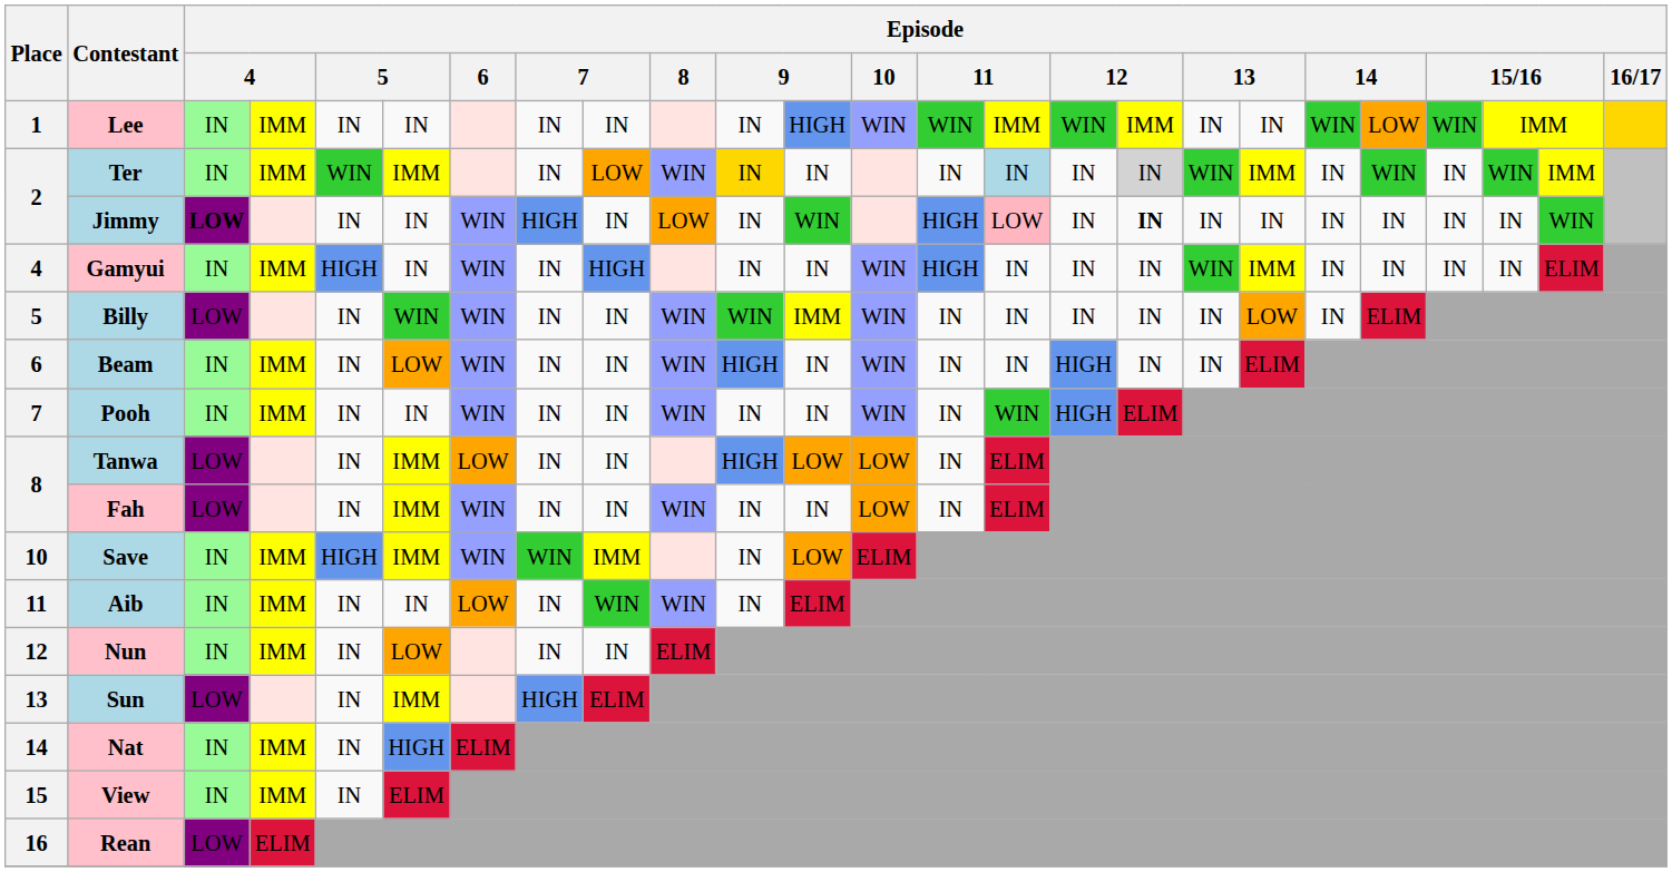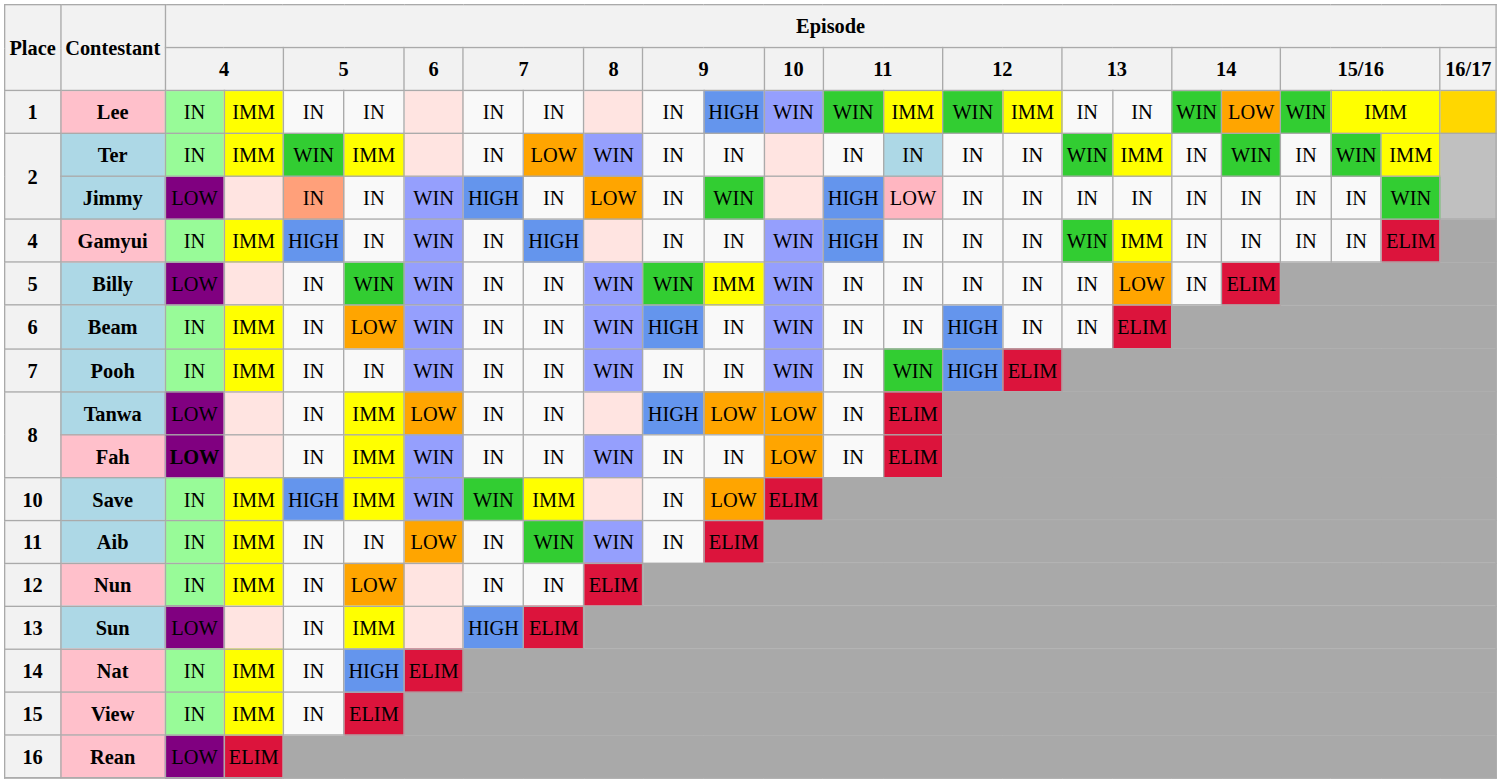 <table class="wikitable" style="text-align: center; font-size:95%; line-height:25px;">
 <tr>
 <th rowspan="2">Place</th>
 <th rowspan=2>Contestant</th>
 <th colspan="23">Episode</th>
 </tr>
 <tr>
 <th colspan=2>4</th>
 <th colspan=2>5</th>
 <th>6</th>
 <th colspan=2>7</th>
 <th>8</th>
 <th colspan=2>9</th>
 <th>10</th>
 <th colspan=2>11</th>
 <th colspan=2>12</th>
 <th colspan=2>13</th>
 <th colspan=2>14</th>
 <th colspan=3>15/16</th>
 <th>16/17</th>
 </tr>
 <tr>
 <th>1</th>
 <th style="background:pink;">Lee</th>
 <td style="background:palegreen;">IN</td>
 <td style="background:yellow;">IMM</td>
 <td>IN</td>
 <td>IN</td>
 <td style="background:mistyrose;"></td>
 <td>IN</td>
 <td>IN</td>
 <td style="background:mistyrose;"></td>
 <td>IN</td>
 <td style="background:cornflowerblue;">HIGH</td>
 <td style="background:#959FFD;">WIN</td>
 <td style="background:limegreen;">WIN</td>
 <td style="background:yellow;">IMM</td>
 <td style="background:limegreen;">WIN</td>
 <td style="background:yellow;">IMM</td>
 <td>IN</td>
 <td>IN</td>
 <td style="background:limegreen;">WIN</td>
 <td style="background:orange;">LOW</td>
 <td style="background:limegreen;">WIN</td>
 <td colspan=2 style="background:yellow;">IMM</td>
 <td style="background:gold;"></td>
 </tr>
 <tr>
 <th rowspan=2>2</th>
 <th style="background:lightblue;">Ter</th>
 <td style="background:palegreen;">IN</td>
 <td style="background:yellow;">IMM</td>
 <td style="background:limegreen;">WIN</td>
 <td style="background:yellow;">IMM</td>
 <td style="background:mistyrose;"></td>
 <td>IN</td>
 <td style="background:orange;">LOW</td>
 <td style="background:#959FFD;">WIN</td>
-<td style="background: gold;">IN</td>
+<td>IN</td>
 <td>IN</td>
 <td style="background:mistyrose;"></td>
 <td>IN</td>
 <td style="background: lightblue;">IN</td>
 <td>IN</td>
-<td style="background: lightgrey;">IN</td>
+<td>IN</td>
 <td style="background:limegreen;">WIN</td>
 <td style="background:yellow;">IMM</td>
 <td>IN</td>
 <td style="background:limegreen;">WIN</td>
 <td>IN</td>
 <td style="background:limegreen;">WIN</td>
 <td style="background:yellow;">IMM</td>
 <td rowspan="2" style="background:silver;"></td>
 </tr>
 <tr>
 <th style="background:lightblue;">Jimmy</th>
-<td style="background:purple;"><strong>LOW</strong></td>
+<td style="background:purple;">LOW</td>
 <td style="background:mistyrose;"></td>
-<td>IN</td>
+<td style="background: lightsalmon;">IN</td>
 <td>IN</td>
 <td style="background:#959FFD;">WIN</td>
 <td style="background:cornflowerblue;">HIGH</td>
 <td>IN</td>
 <td style="background:orange;">LOW</td>
 <td>IN</td>
 <td style="background:limegreen;">WIN</td>
 <td style="background:mistyrose;"></td>
 <td style="background:cornflowerblue;">HIGH</td>
 <td style="background:lightpink;">LOW</td>
 <td>IN</td>
-<td><strong>IN</strong></td>
+<td>IN</td>
 <td>IN</td>
 <td>IN</td>
 <td>IN</td>
 <td>IN</td>
 <td>IN</td>
 <td>IN</td>
 <td style="background:limegreen;">WIN</td>
 </tr>
 <tr>
 <th>4</th>
 <th style="background:pink">Gamyui</th>
 <td style="background:palegreen;">IN</td>
 <td style="background:yellow;">IMM</td>
 <td style="background:cornflowerblue;">HIGH</td>
 <td>IN</td>
 <td style="background:#959FFD;">WIN</td>
 <td>IN</td>
 <td style="background:cornflowerblue;">HIGH</td>
 <td style="background:mistyrose;"></td>
 <td>IN</td>
 <td>IN</td>
 <td style="background:#959FFD;">WIN</td>
 <td style="background:cornflowerblue;">HIGH</td>
 <td>IN</td>
 <td>IN</td>
 <td>IN</td>
 <td style="background:limegreen;">WIN</td>
 <td style="background:yellow;">IMM</td>
 <td>IN</td>
 <td>IN</td>
 <td>IN</td>
 <td>IN</td>
 <td style="background:crimson;">ELIM</td>
 <td colspan="24" style="background:darkgrey;"></td>
 </tr>
 <tr>
 <th>5</th>
 <th style="background:lightblue;">Billy</th>
 <td style="background:purple;">LOW</td>
 <td style="background:mistyrose;"></td>
 <td>IN</td>
 <td style="background:limegreen;">WIN</td>
 <td style="background:#959FFD;">WIN</td>
 <td>IN</td>
 <td>IN</td>
 <td style="background:#959FFD;">WIN</td>
 <td style="background:limegreen;">WIN</td>
 <td style="background:yellow;">IMM</td>
 <td style="background:#959FFD;">WIN</td>
 <td>IN</td>
 <td>IN</td>
 <td>IN</td>
 <td>IN</td>
 <td>IN</td>
 <td style="background:orange;">LOW</td>
 <td>IN</td>
 <td style="background:crimson;">ELIM</td>
 <td colspan="24" style="background:darkgrey;"></td>
 </tr>
 <tr>
 <th>6</th>
 <th style="background:lightblue;">Beam</th>
 <td style="background:palegreen;">IN</td>
 <td style="background:yellow;">IMM</td>
 <td>IN</td>
 <td style="background:orange;">LOW</td>
 <td style="background:#959FFD;">WIN</td>
 <td>IN</td>
 <td>IN</td>
 <td style="background:#959FFD;">WIN</td>
 <td style="background:cornflowerblue;">HIGH</td>
 <td>IN</td>
 <td style="background:#959FFD;">WIN</td>
 <td>IN</td>
 <td>IN</td>
 <td style="background:cornflowerblue;">HIGH</td>
 <td>IN</td>
 <td>IN</td>
 <td style="background:crimson;">ELIM</td>
 <td colspan="24" style="background:darkgrey;"></td>
 </tr>
 <tr>
 <th>7</th>
 <th style="background:lightblue;">Pooh</th>
 <td style="background:palegreen;">IN</td>
 <td style="background:yellow;">IMM</td>
 <td>IN</td>
 <td>IN</td>
 <td style="background:#959FFD;">WIN</td>
 <td>IN</td>
 <td>IN</td>
 <td style="background:#959FFD;">WIN</td>
 <td>IN</td>
 <td>IN</td>
 <td style="background:#959FFD;">WIN</td>
 <td>IN</td>
 <td style="background:limegreen;">WIN</td>
 <td style="background:cornflowerblue;">HIGH</td>
 <td style="background:crimson;">ELIM</td>
 <td colspan="24" style="background:darkgrey;"></td>
 </tr>
 <tr>
 <th rowspan="2">8</th>
 <th style="background:lightblue;">Tanwa</th>
 <td style="background:purple;">LOW</td>
 <td style="background:mistyrose;"></td>
 <td>IN</td>
 <td style="background:yellow;">IMM</td>
 <td style="background:orange;">LOW</td>
 <td>IN</td>
 <td>IN</td>
 <td style="background:mistyrose;"></td>
 <td style="background:cornflowerblue;">HIGH</td>
 <td style="background:orange;">LOW</td>
 <td style="background:orange;">LOW</td>
 <td>IN</td>
 <td style="background:crimson;">ELIM</td>
 <td colspan="24" style="background:darkgrey;"></td>
 </tr>
 <tr>
 <th style="background:pink;">Fah</th>
-<td style="background:purple;">LOW</td>
+<td style="background:purple;"><strong>LOW</strong></td>
 <td style="background:mistyrose;"></td>
 <td>IN</td>
 <td style="background:yellow;">IMM</td>
 <td style="background:#959FFD;">WIN</td>
 <td>IN</td>
 <td>IN</td>
 <td style="background:#959FFD;">WIN</td>
 <td>IN</td>
 <td>IN</td>
 <td style="background:orange;">LOW</td>
 <td>IN</td>
 <td style="background:crimson;">ELIM</td>
 <td colspan="22" style="background:darkgrey;"></td>
 </tr>
 <tr>
 <th>10</th>
 <th style="background:lightblue;">Save</th>
 <td style="background:palegreen;">IN</td>
 <td style="background:yellow;">IMM</td>
 <td style="background:cornflowerblue;">HIGH</td>
 <td style="background:yellow;">IMM</td>
 <td style="background:#959FFD;">WIN</td>
 <td style="background:limegreen;">WIN</td>
 <td style="background:yellow;">IMM</td>
 <td style="background:mistyrose;"></td>
 <td>IN</td>
 <td style="background:orange;">LOW</td>
 <td style="background:crimson;">ELIM</td>
 <td colspan="24" style="background:darkgrey;"></td>
 </tr>
 <tr>
 <th>11</th>
 <th style="background:lightblue;">Aib</th>
 <td style="background:palegreen;">IN</td>
 <td style="background:yellow;">IMM</td>
 <td>IN</td>
 <td>IN</td>
 <td style="background:orange;">LOW</td>
 <td>IN</td>
 <td style="background:limegreen;">WIN</td>
 <td style="background:#959FFD;">WIN</td>
 <td>IN</td>
 <td style="background:crimson;">ELIM</td>
 <td colspan="24" style="background:darkgrey;"></td>
 </tr>
 <tr>
 <th>12</th>
 <th style="background:pink;">Nun</th>
 <td style="background:palegreen;">IN</td>
 <td style="background:yellow;">IMM</td>
 <td>IN</td>
 <td style="background:orange;">LOW</td>
 <td style="background:mistyrose;"></td>
 <td>IN</td>
 <td>IN</td>
 <td style="background:crimson;">ELIM</td>
 <td colspan="24" style="background:darkgrey;"></td>
 </tr>
 <tr>
 <th>13</th>
 <th style="background:lightblue;">Sun</th>
 <td style="background:purple;">LOW</td>
 <td style="background:mistyrose;"></td>
 <td>IN</td>
 <td style="background:yellow;">IMM</td>
 <td style="background:mistyrose;"></td>
 <td style="background:cornflowerblue;">HIGH</td>
 <td style="background:crimson;">ELIM</td>
 <td colspan="24" style="background:darkgrey;"></td>
 </tr>
 <tr>
 <th>14</th>
 <th style="background:pink;">Nat</th>
 <td style="background:palegreen;">IN</td>
 <td style="background:yellow;">IMM</td>
 <td>IN</td>
 <td style="background:cornflowerblue;">HIGH</td>
 <td style="background:crimson;">ELIM</td>
 <td colspan="24" style="background:darkgrey;"></td>
 </tr>
 <tr>
 <th>15</th>
 <th style="background:pink">View</th>
 <td style="background:palegreen;">IN</td>
 <td style="background:yellow;">IMM</td>
 <td>IN</td>
 <td style="background:crimson;">ELIM</td>
 <td colspan="24" style="background:darkgrey;"></td>
 </tr>
 <tr>
 <th>16</th>
 <th style="background:pink;">Rean</th>
 <td style="background:purple;">LOW</td>
 <td style="background:crimson;">ELIM</td>
 <td colspan="24" style="background:darkgrey;"></td>
 </tr>
 <tr>
 </tr>
 </table>
